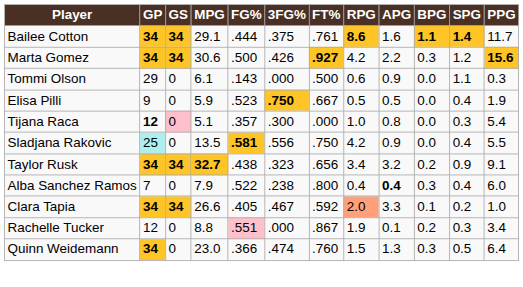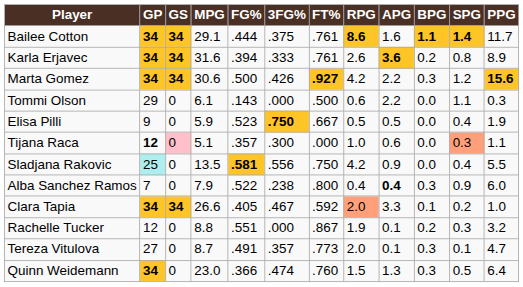 <table class="wikitable sortable">
 <tr>
 <th style="background:#492f24; color:white">Player</th>
 <th style="background:#492f24; color:white">GP</th>
 <th style="background:#492f24; color:white">GS</th>
 <th style="background:#492f24; color:white">MPG</th>
 <th style="background:#492f24; color:white">FG%</th>
 <th style="background:#492f24; color:white">3FG%</th>
 <th style="background:#492f24; color:white">FT%</th>
 <th style="background:#492f24; color:white;">RPG</th>
 <th style="background:#492f24; color:white;">APG</th>
 <th style="background:#492f24; color:white;">BPG</th>
 <th style="background:#492f24; color:white;">SPG</th>
 <th style="background:#492f24; color:white;">PPG</th>
 </tr>
 <tr>
 <td>Bailee Cotton</td>
 <td style="background:#ffc425"><strong>34</strong></td>
 <td style="background:#ffc425"><strong>34</strong></td>
 <td>29.1</td>
 <td>.444</td>
 <td>.375</td>
 <td>.761</td>
 <td style="background:#ffc425"><strong>8.6</strong></td>
 <td>1.6</td>
 <td style="background:#ffc425"><strong>1.1</strong></td>
 <td style="background:#ffc425"><strong>1.4</strong></td>
 <td>11.7</td>
 </tr>
 <tr>
+<td>Karla Erjavec</td>
+<td style="background:#ffc425"><strong>34</strong></td>
+<td style="background:#ffc425"><strong>34</strong></td>
+<td>31.6</td>
+<td>.394</td>
+<td>.333</td>
+<td>.761</td>
+<td>2.6</td>
+<td style="background:#ffc425"><strong>3.6</strong></td>
+<td>0.2</td>
+<td>0.8</td>
+<td>8.9</td>
+</tr>
+<tr>
 <td>Marta Gomez</td>
 <td style="background:#ffc425"><strong>34</strong></td>
 <td style="background:#ffc425"><strong>34</strong></td>
 <td>30.6</td>
 <td>.500</td>
 <td>.426</td>
 <td style="background:#ffc425"><strong>.927</strong></td>
 <td>4.2</td>
 <td>2.2</td>
 <td>0.3</td>
 <td>1.2</td>
 <td style="background:#ffc425"><strong>15.6</strong></td>
 </tr>
 <tr>
 <td>Tommi Olson</td>
 <td>29</td>
 <td>0</td>
 <td>6.1</td>
 <td>.143</td>
 <td>.000</td>
 <td>.500</td>
 <td>0.6</td>
-<td>0.9</td>
+<td>2.2</td>
 <td>0.0</td>
 <td>1.1</td>
 <td>0.3</td>
 </tr>
 <tr>
 <td>Elisa Pilli</td>
 <td>9</td>
 <td>0</td>
 <td>5.9</td>
 <td>.523</td>
 <td style="background:#ffc425"><strong>.750</strong></td>
 <td>.667</td>
 <td>0.5</td>
 <td>0.5</td>
 <td>0.0</td>
 <td>0.4</td>
 <td>1.9</td>
 </tr>
 <tr>
 <td>Tijana Raca</td>
 <td><strong>12</strong></td>
 <td style="background: pink;">0</td>
 <td>5.1</td>
 <td>.357</td>
 <td>.300</td>
 <td>.000</td>
 <td>1.0</td>
-<td>0.8</td>
+<td>0.6</td>
 <td>0.0</td>
-<td>0.3</td>
-<td>5.4</td>
+<td style="background: lightsalmon;">0.3</td>
+<td>1.1</td>
 </tr>
 <tr>
 <td>Sladjana Rakovic</td>
 <td style="background: paleturquoise;">25</td>
 <td>0</td>
 <td>13.5</td>
 <td style="background:#ffc425"><strong>.581</strong></td>
 <td>.556</td>
 <td>.750</td>
 <td>4.2</td>
 <td>0.9</td>
 <td>0.0</td>
 <td>0.4</td>
 <td>5.5</td>
 </tr>
 <tr>
-<td>Taylor Rusk</td>
-<td style="background:#ffc425"><strong>34</strong></td>
-<td style="background:#ffc425"><strong>34</strong></td>
-<td style="background:#ffc425"><strong>32.7</strong></td>
-<td>.438</td>
-<td>.323</td>
-<td>.656</td>
-<td>3.4</td>
-<td>3.2</td>
-<td>0.2</td>
-<td>0.9</td>
-<td>9.1</td>
-</tr>
-<tr>
 <td>Alba Sanchez Ramos</td>
 <td>7</td>
 <td>0</td>
 <td>7.9</td>
 <td>.522</td>
 <td>.238</td>
 <td>.800</td>
 <td>0.4</td>
 <td><strong>0.4</strong></td>
 <td>0.3</td>
-<td>0.4</td>
+<td>0.9</td>
 <td>6.0</td>
 </tr>
 <tr>
 <td>Clara Tapia</td>
 <td style="background:#ffc425"><strong>34</strong></td>
 <td style="background:#ffc425"><strong>34</strong></td>
 <td>26.6</td>
 <td>.405</td>
 <td>.467</td>
 <td>.592</td>
 <td style="background: lightsalmon;">2.0</td>
 <td>3.3</td>
 <td>0.1</td>
 <td>0.2</td>
 <td>1.0</td>
 </tr>
 <tr>
 <td>Rachelle Tucker</td>
 <td>12</td>
 <td>0</td>
 <td>8.8</td>
-<td style="background: pink;">.551</td>
+<td>.551</td>
 <td>.000</td>
 <td>.867</td>
 <td>1.9</td>
 <td>0.1</td>
 <td>0.2</td>
 <td>0.3</td>
-<td>3.4</td>
+<td>3.2</td>
+</tr>
+<tr>
+<td>Tereza Vitulova</td>
+<td>27</td>
+<td>0</td>
+<td>8.7</td>
+<td>.491</td>
+<td>.357</td>
+<td>.773</td>
+<td>2.0</td>
+<td>0.1</td>
+<td>0.3</td>
+<td>0.1</td>
+<td>4.7</td>
 </tr>
 <tr>
 <td>Quinn Weidemann</td>
 <td style="background:#ffc425"><strong>34</strong></td>
 <td>0</td>
 <td>23.0</td>
 <td>.366</td>
 <td>.474</td>
 <td>.760</td>
 <td>1.5</td>
 <td>1.3</td>
 <td>0.3</td>
 <td>0.5</td>
 <td>6.4</td>
 </tr>
 </table>
